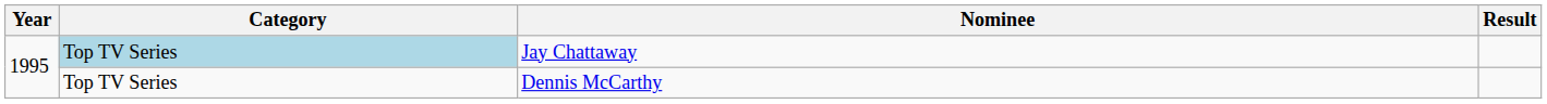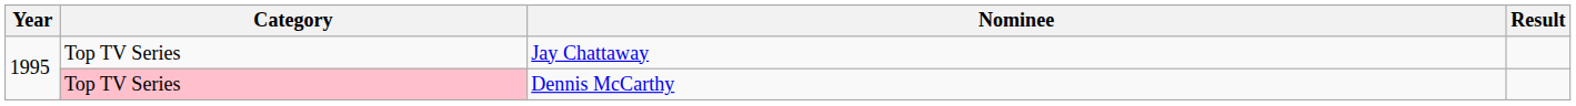 <table class="wikitable plainrowheaders">
 <tr>
 <th scope="col" width="3.5%">Year</th>
 <th scope="col" width="30%">Category</th>
 <th scope="col" width="63%">Nominee</th>
 <th scope="col" width="3.5%">Result</th>
 </tr>
 <tr>
 <td scope="row" rowspan=2>1995</td>
-<td style="background: lightblue;">Top TV Series</td>
+<td>Top TV Series</td>
 <td><a href='#'>Jay Chattaway</a></td>
 <td></td>
 </tr>
 <tr>
-<td>Top TV Series</td>
+<td style="background: pink;">Top TV Series</td>
 <td><a href='#'>Dennis McCarthy</a></td>
 <td></td>
 </tr>
 </table>
